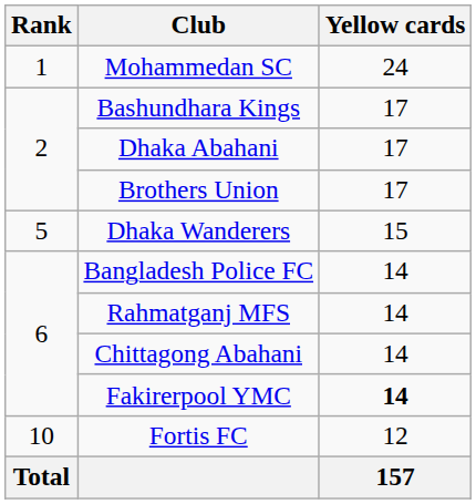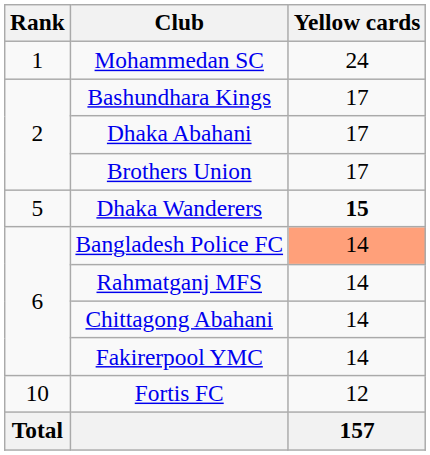 <table class="wikitable" style="text-align:center">
 <tr>
 <th>Rank</th>
 <th>Club</th>
 <th>Yellow cards</th>
 </tr>
 <tr>
 <td>1</td>
 <td><a href='#'>Mohammedan SC</a></td>
 <td>24</td>
 </tr>
 <tr>
 <td rowspan=3>2</td>
 <td><a href='#'>Bashundhara Kings</a></td>
 <td>17</td>
 </tr>
 <tr>
 <td><a href='#'>Dhaka Abahani</a></td>
 <td>17</td>
 </tr>
 <tr>
 <td><a href='#'>Brothers Union</a></td>
 <td>17</td>
 </tr>
 <tr>
 <td>5</td>
 <td><a href='#'>Dhaka Wanderers</a></td>
-<td>15</td>
+<td><strong>15</strong></td>
 </tr>
 <tr>
 <td rowspan=4>6</td>
 <td><a href='#'>Bangladesh Police FC</a></td>
-<td>14</td>
+<td style="background: lightsalmon;">14</td>
 </tr>
 <tr>
 <td><a href='#'>Rahmatganj MFS</a></td>
 <td>14</td>
 </tr>
 <tr>
 <td><a href='#'>Chittagong Abahani</a></td>
 <td>14</td>
 </tr>
 <tr>
 <td><a href='#'>Fakirerpool YMC</a></td>
-<td><strong>14</strong></td>
+<td>14</td>
 </tr>
 <tr>
 <td>10</td>
 <td><a href='#'>Fortis FC</a></td>
 <td>12</td>
 </tr>
 <tr>
 <th>Total</th>
 <th></th>
 <th>157</th>
 </tr>
 </table>
